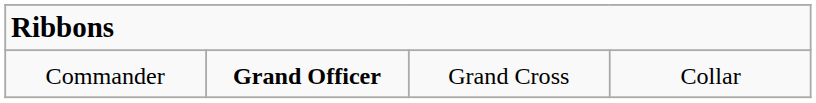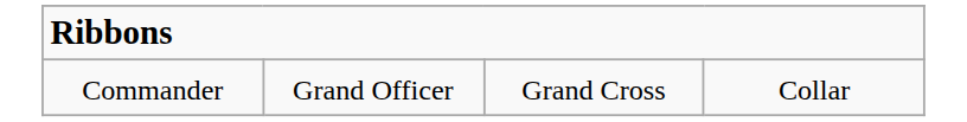 <table class=wikitable style="margin-left: auto; margin-right: auto; width=60%">
 <tr>
 <td colspan=4><strong>Ribbons</strong></td>
 </tr>
 <tr>
 <td width=20% valign=top align=center><small>Commander</small></td>
-<td width=20% valign=top align=center><strong><small>Grand Officer</small></strong></td>
+<td width=20% valign=top align=center><small>Grand Officer</small></td>
 <td width=20% valign=top align=center><small>Grand Cross</small></td>
 <td width=20% valign=top align=center><small>Collar</small></td>
 </tr>
 </table>
